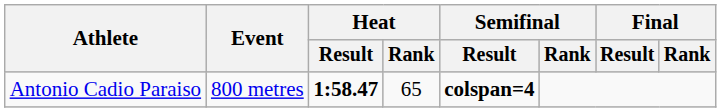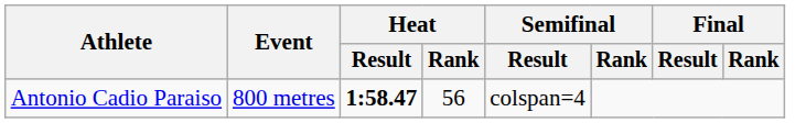 <table class=wikitable style=font-size:90%>
 <tr>
 <th rowspan=2>Athlete</th>
 <th rowspan=2>Event</th>
 <th colspan=2>Heat</th>
 <th colspan=2>Semifinal</th>
 <th colspan=2>Final</th>
 </tr>
 <tr style=font-size:95%>
 <th>Result</th>
 <th>Rank</th>
 <th>Result</th>
 <th>Rank</th>
 <th>Result</th>
 <th>Rank</th>
 </tr>
 <tr align=center>
 <td align=left><a href='#'>Antonio Cadio Paraiso</a></td>
 <td align=left><a href='#'>800 metres</a></td>
 <td><strong>1:58.47</strong></td>
-<td>65</td>
-<td><strong>colspan=4 </strong></td>
+<td>56</td>
+<td>colspan=4 </td>
 </tr>
 </table>
